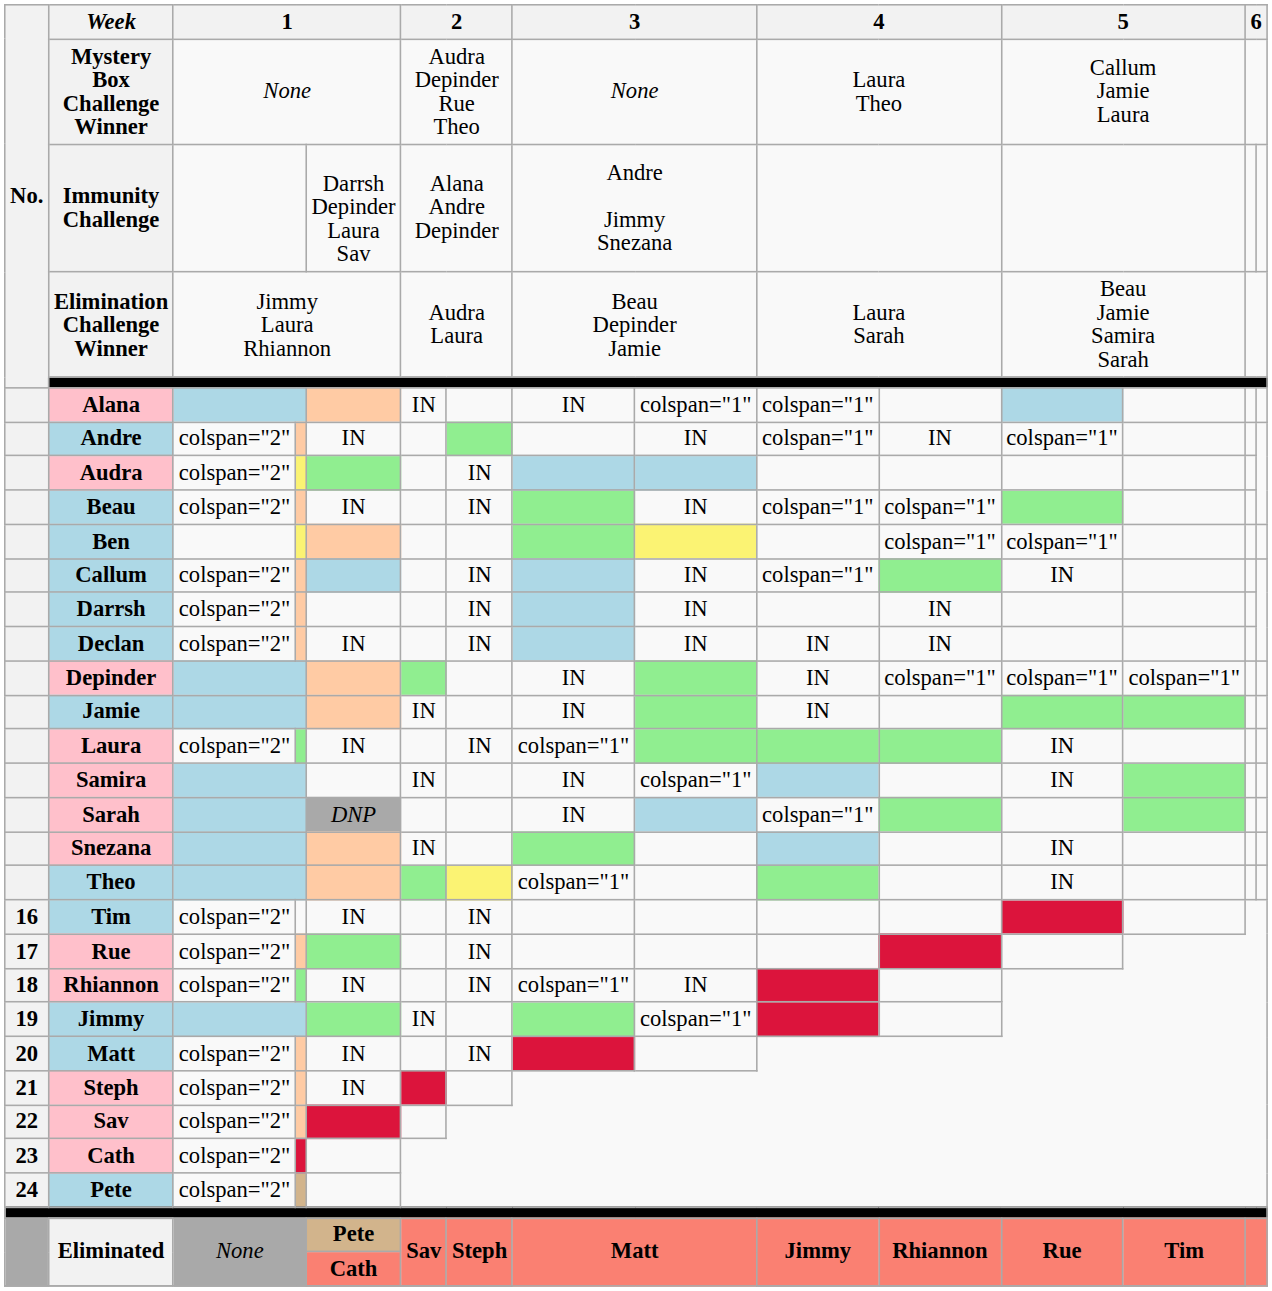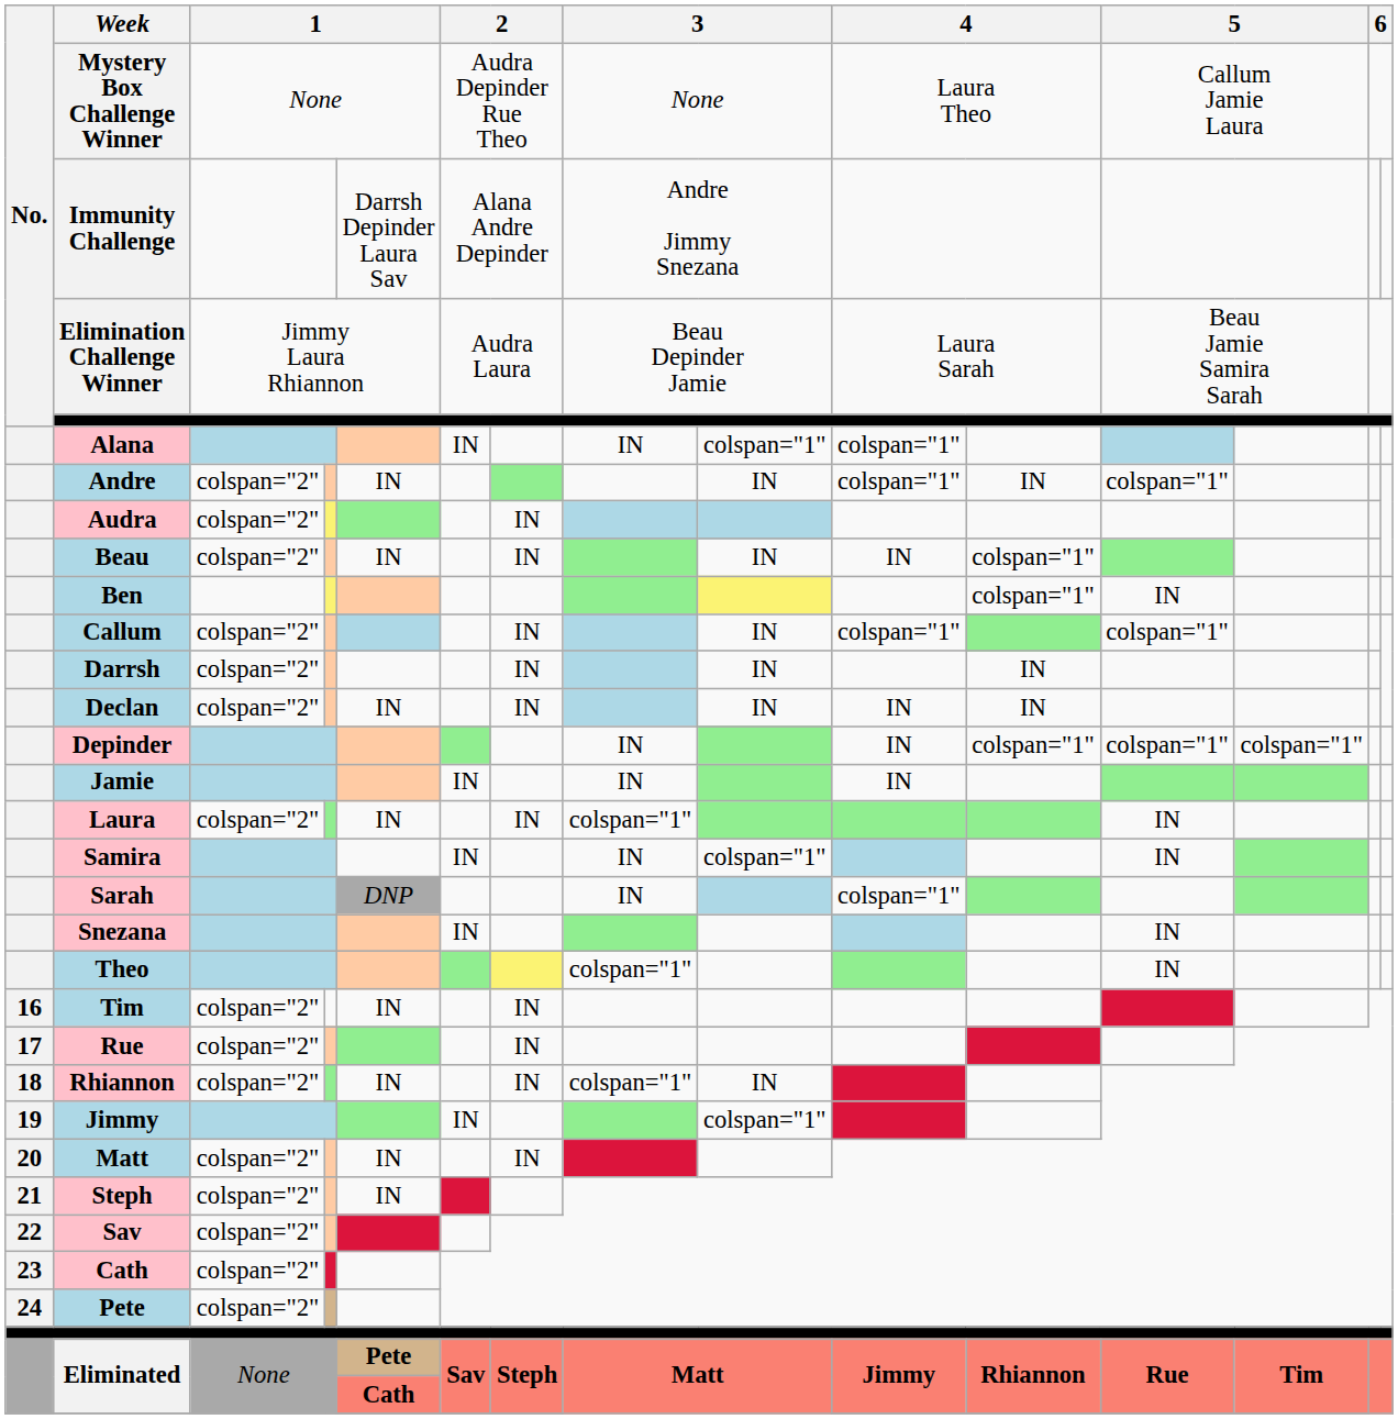 <table class="wikitable" style="text-align:center; width:120px; font-size:90%; line-height:15px">
 <tr>
 <th rowspan=5>No.</th>
 <th><em>Week</em></th>
 <th colspan="3">1</th>
 <th colspan="2">2</th>
 <th colspan="2">3</th>
 <th colspan="2">4</th>
 <th colspan="2">5</th>
 <th colspan="3">6</th>
 </tr>
 <tr>
 <th>Mystery<br>Box<br>Challenge<br>Winner</th>
 <td colspan="3"><em>None</em></td>
 <td colspan="2">Audra<br>Depinder<br>Rue<br>Theo</td>
 <td colspan="2"><em>None</em></td>
 <td colspan="2">Laura<br>Theo</td>
 <td colspan="2">Callum<br>Jamie<br>Laura</td>
 <td colspan="3"></td>
 </tr>
 <tr>
 <th>Immunity<br>Challenge</th>
 <td colspan="2"><br></td>
 <td><br>Darrsh<br>Depinder<br>Laura<br>Sav</td>
 <td colspan="2">Alana<br>Andre<br>Depinder<br></td>
 <td colspan="2">Andre<br><br>Jimmy<br>Snezana</td>
 <td colspan="2"><br><br><br><br><br></td>
 <td colspan="2"><br><br><br><br></td>
 <td></td>
 <td colspan="2"></td>
 </tr>
 <tr>
 <th>Elimination<br>Challenge<br>Winner</th>
 <td colspan="3">Jimmy<br>Laura<br>Rhiannon</td>
 <td colspan="2">Audra<br>Laura</td>
 <td colspan="2">Beau<br>Depinder<br>Jamie</td>
 <td colspan="2">Laura<br>Sarah</td>
 <td colspan="2">Beau<br>Jamie<br>Samira<br>Sarah</td>
 <td colspan="3"></td>
 </tr>
 <tr>
 <td colspan="29" style="background:black;"></td>
 </tr>
 <tr>
 <th></th>
 <th style="background:pink;">Alana</th>
 <td colspan="2" style="background:lightblue"></td>
 <td style="background:#FFCBA4;"></td>
 <td>IN</td>
 <td></td>
 <td>IN</td>
 <td>colspan="1" </td>
 <td>colspan="1" </td>
 <td></td>
 <td style="background:lightblue;"></td>
 <td></td>
 <td></td>
 <td></td>
 </tr>
 <tr>
 <th></th>
 <th style="background:lightblue;">Andre</th>
 <td>colspan="2" </td>
 <td style="background:#FFCBA4;"></td>
 <td>IN</td>
 <td></td>
 <td style="background:lightgreen;"></td>
 <td></td>
 <td>IN</td>
 <td>colspan="1" </td>
 <td>IN</td>
 <td>colspan="1" </td>
 <td></td>
 <td></td>
 </tr>
 <tr>
 <th></th>
 <th style="background:pink;">Audra</th>
 <td>colspan="2" </td>
 <td style="background:#fbf373;"></td>
 <td style="background:lightgreen;"></td>
 <td></td>
 <td>IN</td>
 <td colspan="1" style="background:lightblue"></td>
 <td style="background:lightblue;"></td>
 <td></td>
 <td></td>
 <td></td>
 <td></td>
 <td></td>
 </tr>
 <tr>
 <th></th>
 <th style="background:lightblue;">Beau</th>
 <td>colspan="2" </td>
 <td style="background:#FFCBA4;"></td>
 <td>IN</td>
 <td></td>
 <td>IN</td>
 <td style="background:lightgreen;"></td>
 <td>IN</td>
-<td>colspan="1" </td>
+<td>IN</td>
 <td>colspan="1" </td>
 <td style="background:lightgreen;"></td>
 <td></td>
 <td></td>
 </tr>
 <tr>
 <th></th>
 <th style="background:lightblue;">Ben</th>
 <td></td>
 <td style="background:#fbf373;"></td>
 <td style="background:#FFCBA4;"></td>
 <td></td>
 <td></td>
 <td style="background:lightgreen;"></td>
 <td style="background:#fbf373"></td>
 <td></td>
 <td>colspan="1" </td>
-<td>colspan="1" </td>
+<td>IN</td>
 <td></td>
 <td></td>
 <td></td>
 </tr>
 <tr>
 <th></th>
 <th style="background:lightblue;">Callum</th>
 <td>colspan="2" </td>
 <td style="background:#FFCBA4;"></td>
 <td style="background:lightblue;"></td>
 <td></td>
 <td>IN</td>
 <td colspan="1" style="background:lightblue"></td>
 <td>IN</td>
 <td>colspan="1" </td>
 <td style="background:lightgreen;"></td>
-<td>IN</td>
+<td>colspan="1" </td>
 <td></td>
 <td></td>
 </tr>
 <tr>
 <th></th>
 <th style="background:lightblue;">Darrsh</th>
 <td>colspan="2" </td>
 <td style="background:#FFCBA4;"></td>
 <td></td>
 <td></td>
 <td>IN</td>
 <td colspan="1" style="background:lightblue"></td>
 <td>IN</td>
 <td></td>
 <td>IN</td>
 <td></td>
 <td></td>
 <td></td>
 </tr>
 <tr>
 <th></th>
 <th style="background:lightblue;">Declan</th>
 <td>colspan="2" </td>
 <td style="background:#FFCBA4;"></td>
 <td>IN</td>
 <td></td>
 <td>IN</td>
 <td colspan="1" style="background:lightblue"></td>
 <td>IN</td>
 <td>IN</td>
 <td>IN</td>
 <td></td>
 <td></td>
 <td></td>
 </tr>
 <tr>
 <th></th>
 <th style="background:pink;">Depinder</th>
 <td colspan="2" style="background:lightblue"></td>
 <td style="background:#FFCBA4;"></td>
 <td style="background:lightgreen;"></td>
 <td></td>
 <td>IN</td>
 <td style="background:lightgreen;"></td>
 <td>IN</td>
 <td>colspan="1" </td>
 <td>colspan="1" </td>
 <td>colspan="1" </td>
 <td></td>
 <td></td>
 </tr>
 <tr>
 <th></th>
 <th style="background:lightblue;">Jamie</th>
 <td colspan="2" style="background:lightblue"></td>
 <td style="background:#FFCBA4;"></td>
 <td>IN</td>
 <td></td>
 <td>IN</td>
 <td style="background:lightgreen;"></td>
 <td>IN</td>
 <td></td>
 <td style="background:lightgreen;"></td>
 <td style="background:lightgreen;"></td>
 <td></td>
 <td></td>
 </tr>
 <tr>
 <th></th>
 <th style="background:pink;">Laura</th>
 <td>colspan="2" </td>
 <td style="background:lightgreen;"></td>
 <td>IN</td>
 <td></td>
 <td>IN</td>
 <td>colspan="1" </td>
 <td style="background:lightgreen;"></td>
 <td style="background:lightgreen;"></td>
 <td style="background:lightgreen;"></td>
 <td>IN</td>
 <td></td>
 <td></td>
 </tr>
 <tr>
 <th></th>
 <th style="background:pink;">Samira</th>
 <td colspan="2" style="background:lightblue"></td>
 <td></td>
 <td>IN</td>
 <td></td>
 <td>IN</td>
 <td>colspan="1" </td>
 <td style="background:lightblue;"></td>
 <td></td>
 <td>IN</td>
 <td style="background:lightgreen;"></td>
 <td></td>
 <td></td>
 </tr>
 <tr>
 <th></th>
 <th style="background:pink;">Sarah</th>
 <td colspan="2" style="background:lightblue"></td>
 <td style="background:darkgray;"><em>DNP</em></td>
 <td></td>
 <td></td>
 <td>IN</td>
 <td colspan="1" style="background:lightblue"></td>
 <td>colspan="1" </td>
 <td style="background:lightgreen;"></td>
 <td></td>
 <td style="background:lightgreen;"></td>
 <td></td>
 <td></td>
 </tr>
 <tr>
 <th></th>
 <th style="background:pink;">Snezana</th>
 <td colspan="2" style="background:lightblue"></td>
 <td style="background:#FFCBA4;"></td>
 <td>IN</td>
 <td></td>
 <td style="background:lightgreen;"></td>
 <td></td>
 <td style="background:lightblue;"></td>
 <td></td>
 <td>IN</td>
 <td></td>
 <td></td>
 <td></td>
 </tr>
 <tr>
 <th></th>
 <th style="background:lightblue;">Theo</th>
 <td colspan="2" style="background:lightblue"></td>
 <td style="background:#FFCBA4;"></td>
 <td style="background:lightgreen;"></td>
 <td style="background:#fbf373;"></td>
 <td>colspan="1" </td>
 <td></td>
 <td style="background:lightgreen;"></td>
 <td></td>
 <td>IN</td>
 <td></td>
 <td></td>
 <td></td>
 </tr>
 <tr>
 <th>16</th>
 <th style="background:lightblue;">Tim</th>
 <td>colspan="2" </td>
 <td></td>
 <td>IN</td>
 <td></td>
 <td>IN</td>
 <td></td>
 <td></td>
 <td></td>
 <td></td>
 <td style="background:crimson;"></td>
 <td></td>
 </tr>
 <tr>
 <th>17</th>
 <th style="background:pink;">Rue</th>
 <td>colspan="2" </td>
 <td style="background:#FFCBA4;"></td>
 <td style="background:lightgreen;"></td>
 <td></td>
 <td>IN</td>
 <td></td>
 <td></td>
 <td></td>
 <td style="background:crimson;"></td>
 <td></td>
 </tr>
 <tr>
 <th>18</th>
 <th style="background:pink;">Rhiannon</th>
 <td>colspan="2" </td>
 <td style="background:lightgreen;"></td>
 <td>IN</td>
 <td></td>
 <td>IN</td>
 <td>colspan="1" </td>
 <td>IN</td>
 <td style="background:crimson;"></td>
 <td></td>
 </tr>
 <tr>
 <th>19</th>
 <th style="background:lightblue;">Jimmy</th>
 <td colspan="2" style="background:lightblue"></td>
 <td style="background:lightgreen;"></td>
 <td>IN</td>
 <td></td>
 <td style="background:lightgreen;"></td>
 <td>colspan="1" </td>
 <td style="background:crimson;"></td>
 <td></td>
 </tr>
 <tr>
 <th>20</th>
 <th style="background:lightblue;">Matt</th>
 <td>colspan="2" </td>
 <td style="background:#FFCBA4;"></td>
 <td>IN</td>
 <td></td>
 <td>IN</td>
 <td style="background:crimson;"></td>
 <td></td>
 </tr>
 <tr>
 <th>21</th>
 <th style="background:pink;">Steph</th>
 <td>colspan="2" </td>
 <td style="background:#FFCBA4;"></td>
 <td>IN</td>
 <td style="background:crimson;"></td>
 <td></td>
 </tr>
 <tr>
 <th>22</th>
 <th style="background:pink;">Sav</th>
 <td>colspan="2" </td>
 <td style="background:#FFCBA4;"></td>
 <td style="background:crimson;"></td>
 <td></td>
 </tr>
 <tr>
 <th>23</th>
 <th style="background:pink;">Cath</th>
 <td>colspan="2" </td>
 <td style="background:crimson;"></td>
 <td></td>
 </tr>
 <tr>
 <th>24</th>
 <th style="background:lightblue;">Pete</th>
 <td>colspan="2" </td>
 <td style="background:tan; color:black"></td>
 <td></td>
 </tr>
 <tr>
 <td colspan="29" style="background:black;"></td>
 </tr>
 <tr>
 <th rowspan="2" style="background:darkgray;"></th>
 <th rowspan="2">Eliminated</th>
 <td colspan="2" rowspan="2" style="background:darkgray;"><em>None</em></td>
 <td rowspan="1" style="background:tan;" ;><strong>Pete</strong></td>
 <td rowspan="2" style="background:salmon;"><strong>Sav</strong></td>
 <td rowspan="2" style="background:salmon;"><strong>Steph</strong></td>
 <td colspan="2" rowspan="4" style="background:salmon;"><strong>Matt</strong></td>
 <td rowspan="2" style="background:salmon;"><strong>Jimmy</strong></td>
 <td rowspan="2" style="background:salmon;"><strong>Rhiannon</strong></td>
 <td rowspan="2" style="background:salmon;"><strong>Rue</strong></td>
 <td rowspan="2" style="background:salmon;"><strong>Tim</strong></td>
 <td colspan="2" rowspan="4" style="background:salmon;"></td>
 </tr>
 <tr>
 <td rowspan="1" style="background:salmon;"><strong>Cath</strong></td>
 </tr>
 <tr>
 </tr>
 </table>
